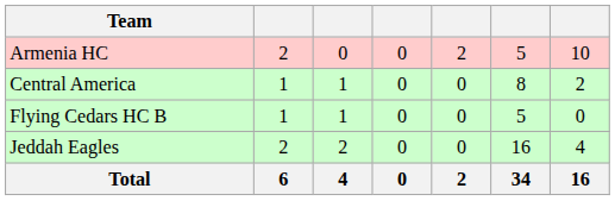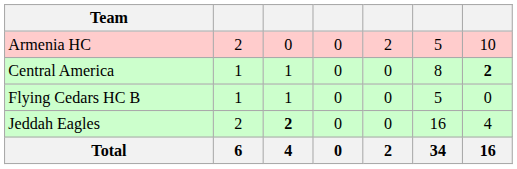 <table class="wikitable" style="font-size:95%; text-align:center">
 <tr>
 <th width=190>Team</th>
 <th width=40></th>
 <th width=40></th>
 <th width=40></th>
 <th width=40></th>
 <th width=40></th>
 <th width=40></th>
 </tr>
 <tr bgcolor=#FFCCCC>
 <td style="text-align:left;"> Armenia HC</td>
 <td>2</td>
 <td>0</td>
 <td>0</td>
 <td>2</td>
 <td>5</td>
 <td>10</td>
 </tr>
 <tr bgcolor=#CCFFCC>
 <td style="text-align:left;"> Central America</td>
 <td>1</td>
 <td>1</td>
 <td>0</td>
 <td>0</td>
 <td>8</td>
-<td>2</td>
+<td><strong>2</strong></td>
 </tr>
 <tr bgcolor=#CCFFCC>
 <td style="text-align:left;"> Flying Cedars HC B</td>
 <td>1</td>
 <td>1</td>
 <td>0</td>
 <td>0</td>
 <td>5</td>
 <td>0</td>
 </tr>
 <tr bgcolor=#CCFFCC>
 <td style="text-align:left;"> Jeddah Eagles</td>
 <td>2</td>
-<td>2</td>
+<td><strong>2</strong></td>
 <td>0</td>
 <td>0</td>
 <td>16</td>
 <td>4</td>
 </tr>
 <tr>
 <th>Total</th>
 <th>6</th>
 <th>4</th>
 <th>0</th>
 <th>2</th>
 <th>34</th>
 <th>16</th>
 </tr>
 </table>
